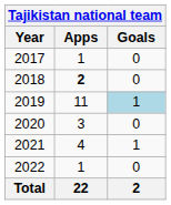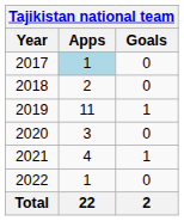 <table class="wikitable" style="text-align:center">
 <tr>
 <th colspan=3><a href='#'>Tajikistan national team</a></th>
 </tr>
 <tr>
 <th>Year</th>
 <th>Apps</th>
 <th>Goals</th>
 </tr>
 <tr>
 <td>2017</td>
-<td>1</td>
+<td style="background: lightblue;">1</td>
 <td>0</td>
 </tr>
 <tr>
 <td>2018</td>
-<td><strong>2</strong></td>
+<td>2</td>
 <td>0</td>
 </tr>
 <tr>
 <td>2019</td>
 <td>11</td>
-<td style="background: lightblue;">1</td>
+<td>1</td>
 </tr>
 <tr>
 <td>2020</td>
 <td>3</td>
 <td>0</td>
 </tr>
 <tr>
 <td>2021</td>
 <td>4</td>
 <td>1</td>
 </tr>
 <tr>
 <td>2022</td>
 <td>1</td>
 <td>0</td>
 </tr>
 <tr>
 <th>Total</th>
 <th>22</th>
 <th>2</th>
 </tr>
 </table>
